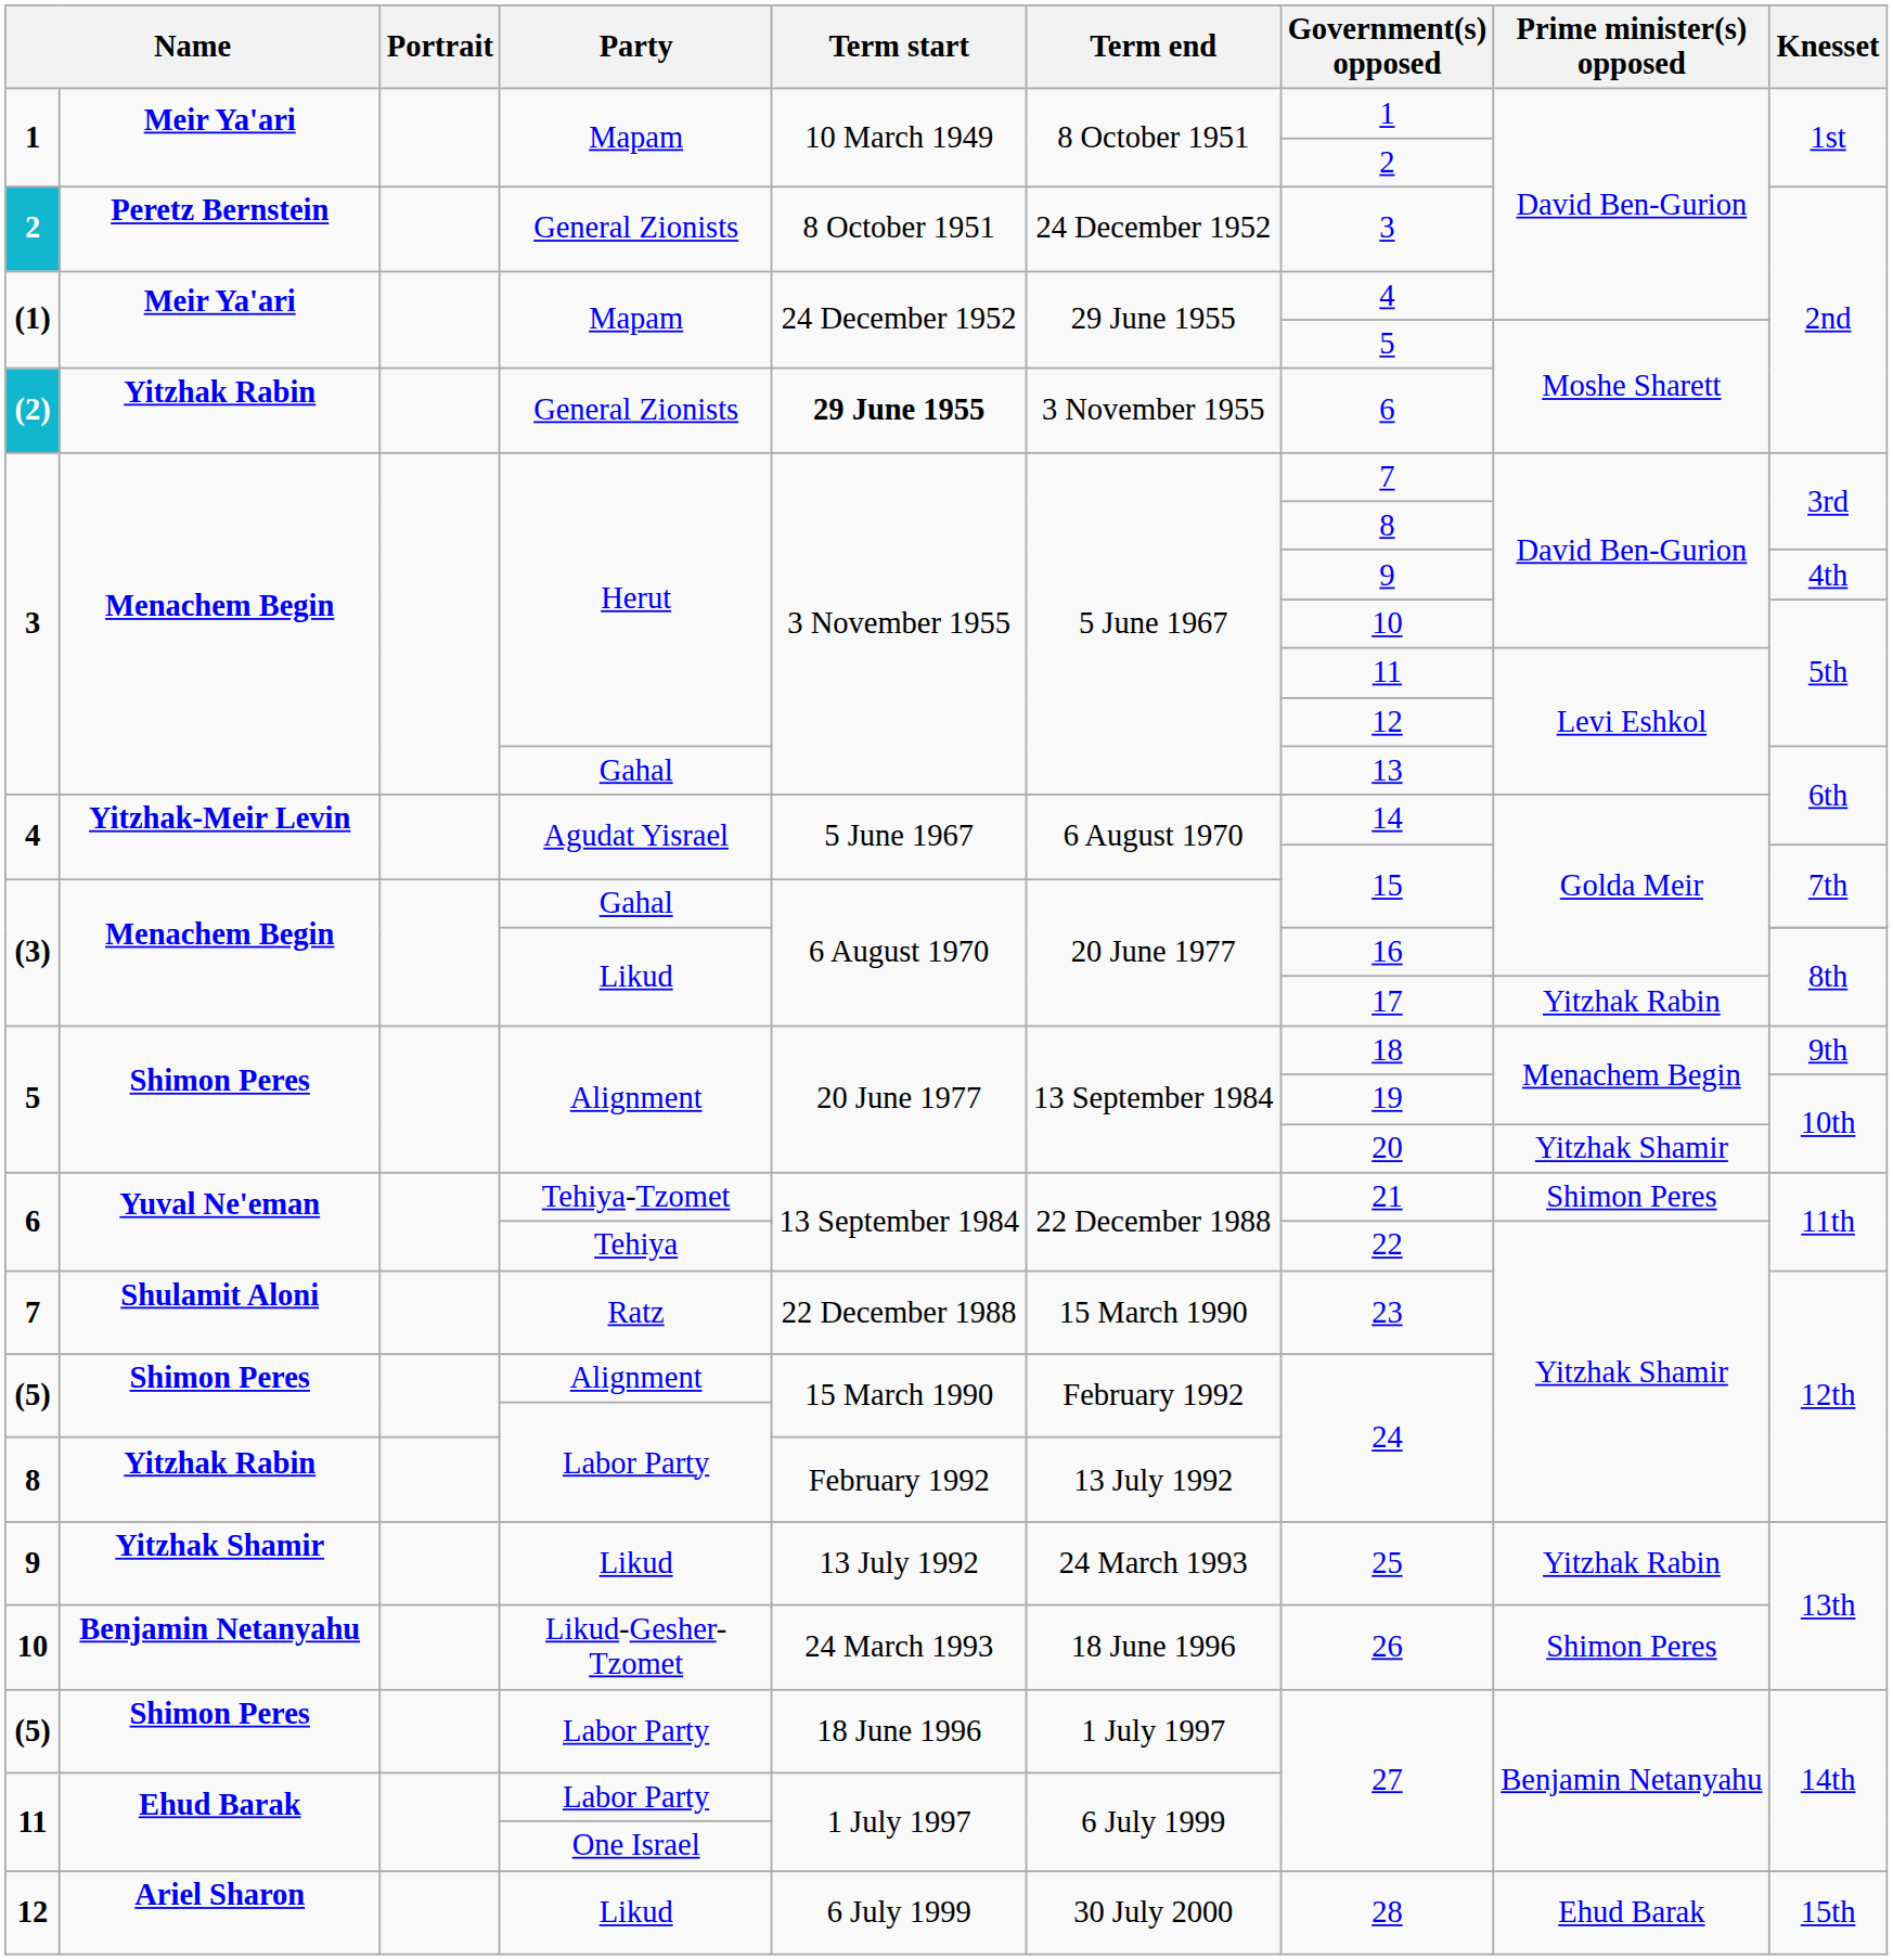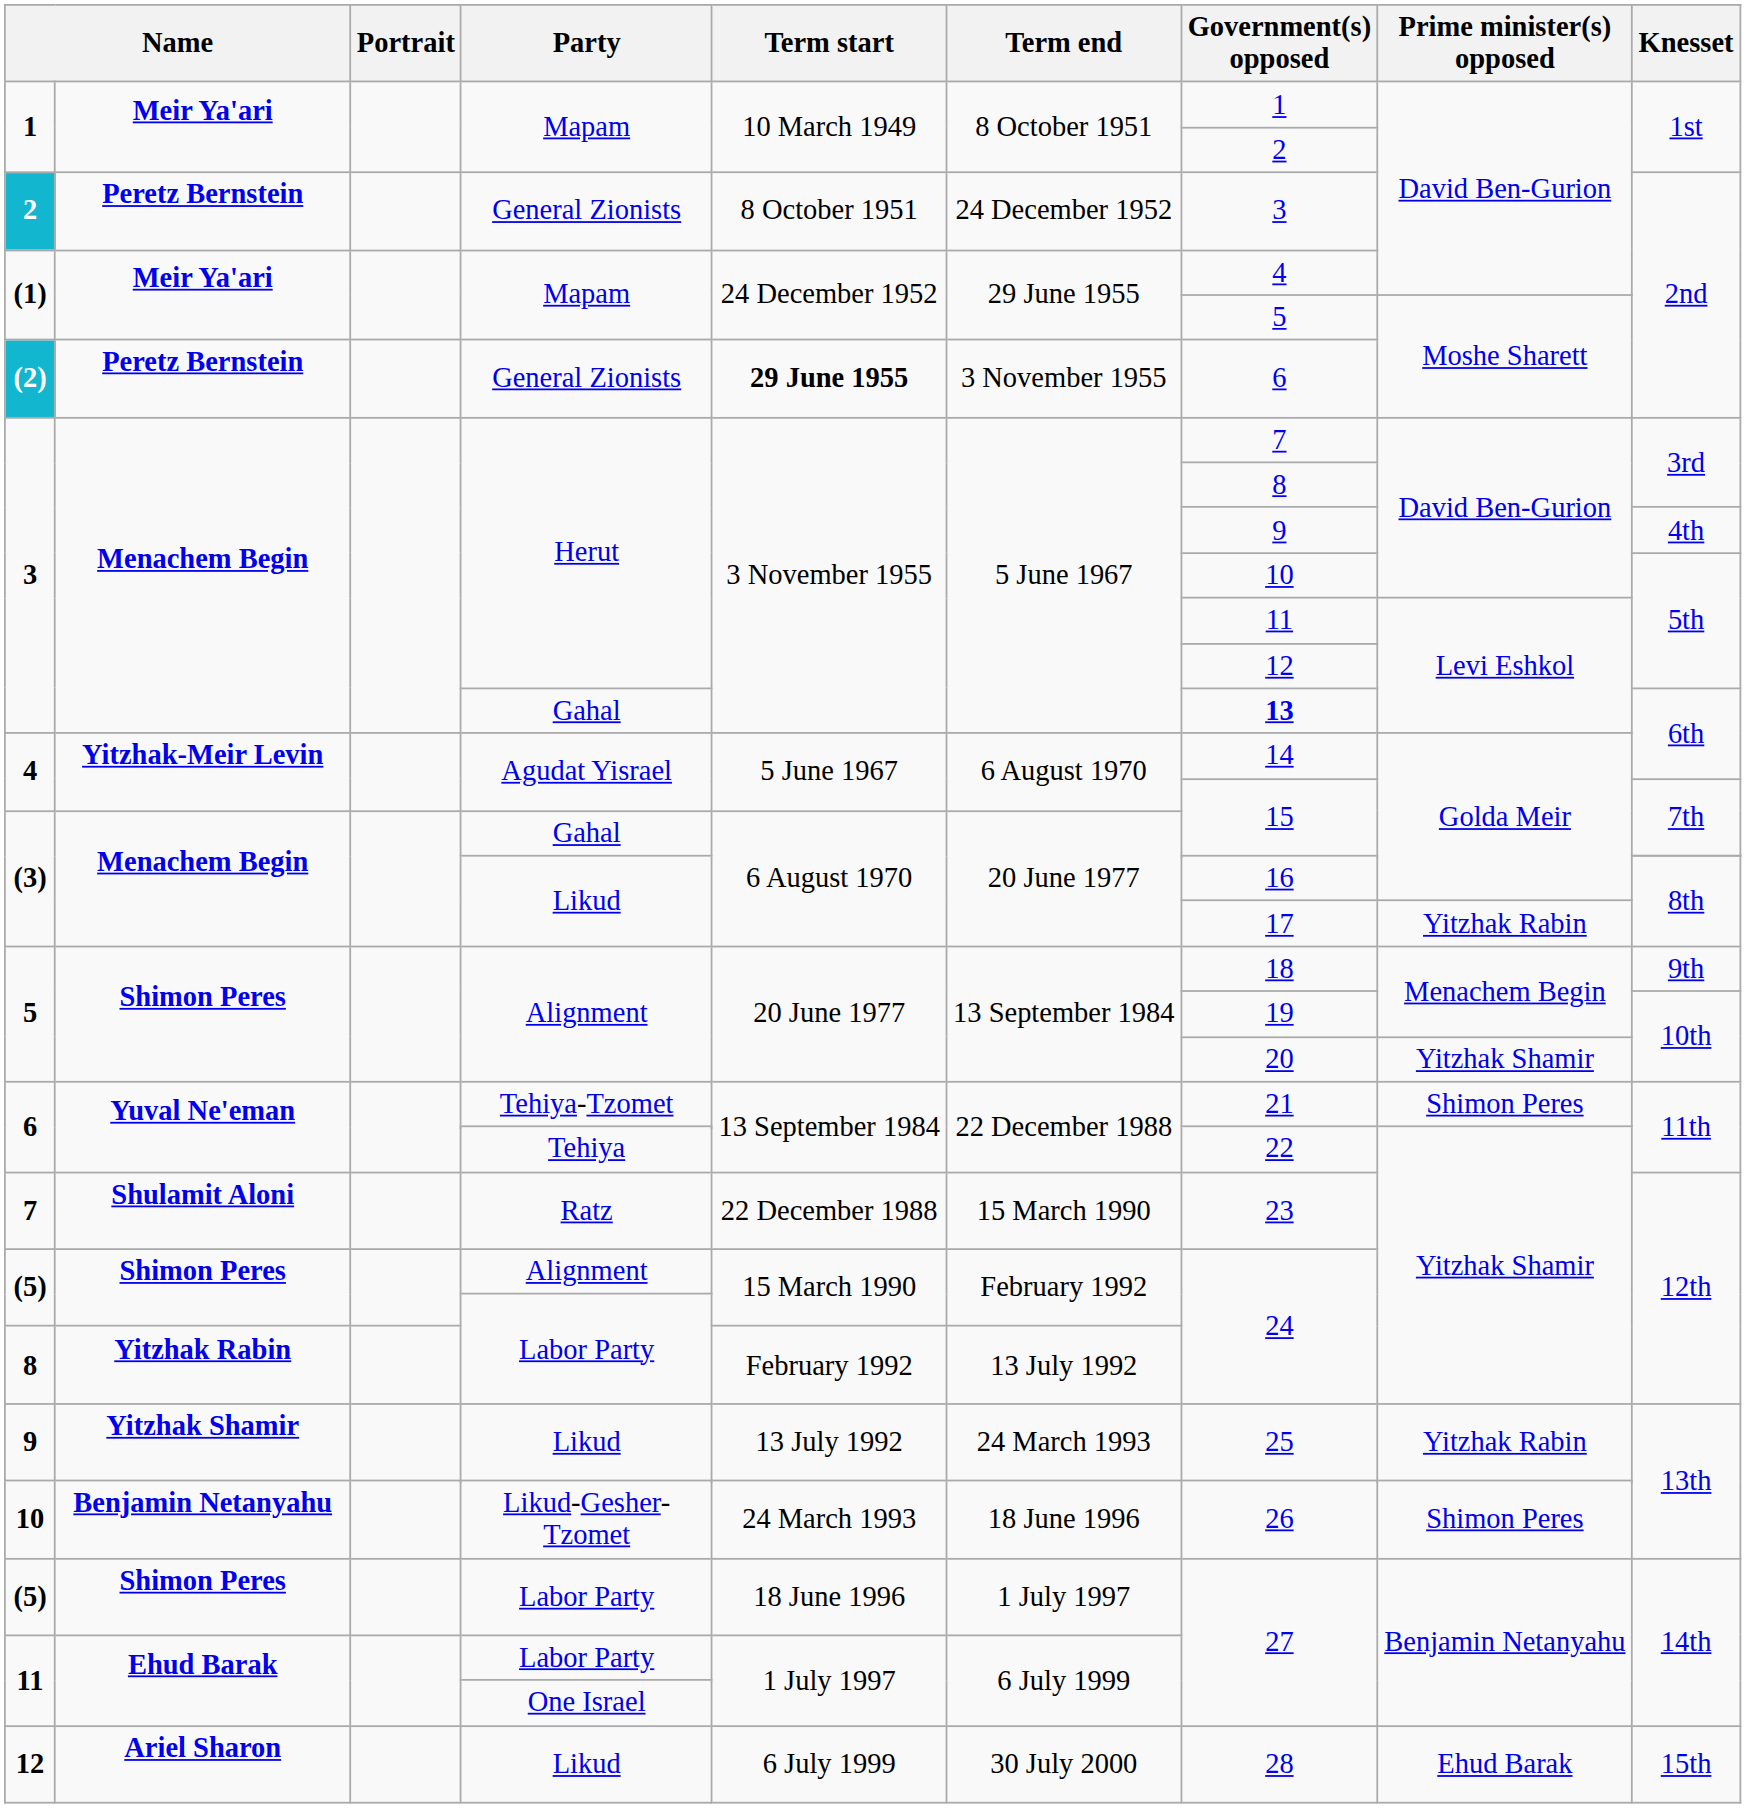 <table class=wikitable style=text-align:center>
 <tr>
 <th style="width: 140pt;" colspan=2>Name<br></th>
 <th>Portrait</th>
 <th style="width: 100pt;">Party</th>
 <th>Term start</th>
 <th>Term end</th>
 <th>Government(s)<br>opposed</th>
 <th>Prime minister(s)<br>opposed</th>
 <th>Knesset</th>
 </tr>
 <tr>
 <td rowspan=2 style="background:"><strong>1</strong></td>
 <td rowspan=2><strong><a href='#'>Meir Ya'ari</a></strong><br><br></td>
 <td rowspan="2"></td>
 <td rowspan=2><a href='#'>Mapam</a></td>
 <td rowspan=2 nowrap>10 March 1949</td>
 <td rowspan=2 nowrap>8 October 1951</td>
 <td><a href='#'>1</a></td>
 <td rowspan=4><a href='#'>David Ben-Gurion</a><br></td>
 <td rowspan=2><a href='#'>1st</a></td>
 </tr>
 <tr>
 <td><a href='#'>2</a></td>
 </tr>
 <tr>
 <td style="background:#12B6CF; color:white;"><strong>2</strong></td>
 <td><strong><a href='#'>Peretz Bernstein</a></strong><br><br></td>
 <td></td>
 <td><a href='#'>General Zionists</a></td>
 <td nowrap>8 October 1951</td>
 <td nowrap>24 December 1952</td>
 <td><a href='#'>3</a></td>
 <td rowspan=4><a href='#'>2nd</a></td>
 </tr>
 <tr>
 <td rowspan=2 style="background:"><strong>(1)</strong></td>
 <td rowspan=2><strong><a href='#'>Meir Ya'ari</a></strong><br><br></td>
 <td rowspan=2></td>
 <td rowspan=2><a href='#'>Mapam</a></td>
 <td rowspan=2 nowrap>24 December 1952</td>
 <td rowspan=2 nowrap>29 June 1955</td>
 <td><a href='#'>4</a></td>
 </tr>
 <tr>
 <td><a href='#'>5</a></td>
 <td rowspan=2><a href='#'>Moshe Sharett</a><br></td>
 </tr>
 <tr>
 <td style="background:#12B6CF; color:white;"><strong>(2)</strong></td>
-<td><strong><a href='#'>Yitzhak Rabin</a></strong><br><br></td>
+<td><strong><a href='#'>Peretz Bernstein</a></strong><br><br></td>
 <td></td>
 <td><a href='#'>General Zionists</a></td>
 <td nowrap><strong>29 June 1955</strong></td>
 <td nowrap>3 November 1955</td>
 <td><a href='#'>6</a></td>
 </tr>
 <tr>
 <td rowspan=7 style="background:"><strong>3</strong></td>
 <td rowspan=7><strong><a href='#'>Menachem Begin</a></strong><br><br></td>
 <td rowspan=7></td>
 <td rowspan=6><a href='#'>Herut</a></td>
 <td rowspan=7 nowrap>3 November 1955</td>
 <td rowspan=7 nowrap>5 June 1967</td>
 <td><a href='#'>7</a></td>
 <td rowspan=4><a href='#'>David Ben-Gurion</a><br></td>
 <td rowspan=2><a href='#'>3rd</a></td>
 </tr>
 <tr>
 <td><a href='#'>8</a></td>
 </tr>
 <tr>
 <td><a href='#'>9</a></td>
 <td><a href='#'>4th</a></td>
 </tr>
 <tr>
 <td><a href='#'>10</a></td>
 <td rowspan=3><a href='#'>5th</a></td>
 </tr>
 <tr>
 <td><a href='#'>11</a></td>
 <td rowspan=3><a href='#'>Levi Eshkol</a><br></td>
 </tr>
 <tr>
 <td><a href='#'>12</a></td>
 </tr>
 <tr>
 <td><a href='#'>Gahal</a><br></td>
-<td><a href='#'>13</a></td>
+<td><strong><a href='#'>13</a></strong></td>
 <td rowspan=2><a href='#'>6th</a></td>
 </tr>
 <tr>
 <td rowspan=2 style="background:"><strong>4</strong></td>
 <td rowspan=2><strong><a href='#'>Yitzhak-Meir Levin</a></strong><br><br></td>
 <td rowspan=2></td>
 <td rowspan=2><a href='#'>Agudat Yisrael</a></td>
 <td rowspan=2 nowrap>5 June 1967</td>
 <td rowspan=2 nowrap>6 August 1970</td>
 <td><a href='#'>14</a></td>
 <td rowspan=5><a href='#'>Golda Meir</a><br></td>
 </tr>
 <tr>
 <td rowspan=3><a href='#'>15</a></td>
 <td rowspan=2><a href='#'>7th</a></td>
 </tr>
 <tr>
 <td rowspan=4 style="background:"><strong>(3)</strong></td>
 <td rowspan=4><strong><a href='#'>Menachem Begin</a></strong><br><br></td>
 <td rowspan=4></td>
 <td><a href='#'>Gahal</a><br></td>
 <td rowspan=4 nowrap>6 August 1970</td>
 <td rowspan=4 nowrap>20 June 1977</td>
 </tr>
 <tr>
 <td rowspan=3><a href='#'>Likud</a><br></td>
 </tr>
 <tr>
 <td><a href='#'>16</a></td>
 <td rowspan=2><a href='#'>8th</a></td>
 </tr>
 <tr>
 <td><a href='#'>17</a></td>
 <td><a href='#'>Yitzhak Rabin</a><br></td>
 </tr>
 <tr>
 <td rowspan=3 style="background:"><strong>5</strong></td>
 <td rowspan=3><strong><a href='#'>Shimon Peres</a></strong><br><br></td>
 <td rowspan=3></td>
 <td rowspan=3><a href='#'>Alignment</a><br></td>
 <td rowspan=3 nowrap>20 June 1977</td>
 <td rowspan=3 nowrap>13 September 1984</td>
 <td><a href='#'>18</a></td>
 <td rowspan=2><a href='#'>Menachem Begin</a><br></td>
 <td><a href='#'>9th</a></td>
 </tr>
 <tr>
 <td><a href='#'>19</a></td>
 <td rowspan=2><a href='#'>10th</a></td>
 </tr>
 <tr>
 <td><a href='#'>20</a></td>
 <td><a href='#'>Yitzhak Shamir</a><br></td>
 </tr>
 <tr>
 <td rowspan=3 style="background:"><strong>6</strong></td>
 <td rowspan=3><strong><a href='#'>Yuval Ne'eman</a></strong><br><br></td>
 <td rowspan=3></td>
 <td rowspan=2><a href='#'>Tehiya</a>-<a href='#'>Tzomet</a><br></td>
 <td rowspan=3 nowrap>13 September 1984</td>
 <td rowspan=3 nowrap>22 December 1988</td>
 <td><a href='#'>21</a></td>
 <td><a href='#'>Shimon Peres</a><br></td>
 <td rowspan=3><a href='#'>11th</a></td>
 </tr>
 <tr>
 <td rowspan=2><a href='#'>22</a></td>
 <td rowspan=6><a href='#'>Yitzhak Shamir</a><br></td>
 </tr>
 <tr>
 <td><a href='#'>Tehiya</a></td>
 </tr>
 <tr>
 <td style="background:"><strong>7</strong></td>
 <td><strong><a href='#'>Shulamit Aloni</a></strong><br><br></td>
 <td></td>
 <td><a href='#'>Ratz</a></td>
 <td nowrap>22 December 1988</td>
 <td nowrap>15 March 1990</td>
 <td><a href='#'>23</a></td>
 <td rowspan=4><a href='#'>12th</a></td>
 </tr>
 <tr>
 <td rowspan=2 style="background:"><strong>(5)</strong></td>
 <td rowspan=2><strong><a href='#'>Shimon Peres</a></strong><br><br></td>
 <td rowspan=2></td>
 <td><a href='#'>Alignment</a><br></td>
 <td rowspan=2 nowrap>15 March 1990</td>
 <td rowspan=2 nowrap>February 1992</td>
 <td rowspan=3><a href='#'>24</a></td>
 </tr>
 <tr>
 <td rowspan=2><a href='#'>Labor Party</a></td>
 </tr>
 <tr>
 <td style="background:"><strong>8</strong></td>
 <td><strong><a href='#'>Yitzhak Rabin</a></strong><br><br></td>
 <td></td>
 <td nowrap>February 1992</td>
 <td nowrap>13 July 1992</td>
 </tr>
 <tr>
 <td style="background:"><strong>9</strong></td>
 <td><strong><a href='#'>Yitzhak Shamir</a></strong><br><br></td>
 <td></td>
 <td rowspan=3><a href='#'>Likud</a></td>
 <td nowrap>13 July 1992</td>
 <td nowrap>24 March 1993</td>
 <td rowspan=2><a href='#'>25</a></td>
 <td rowspan=2><a href='#'>Yitzhak Rabin</a><br></td>
 <td rowspan=4><a href='#'>13th</a></td>
 </tr>
 <tr>
 <td rowspan=3 style="background:"><strong>10</strong></td>
 <td rowspan=3><strong><a href='#'>Benjamin Netanyahu</a></strong><br><br></td>
 <td rowspan=3></td>
 <td rowspan=3 nowrap>24 March 1993</td>
 <td rowspan=3 nowrap>18 June 1996</td>
 </tr>
 <tr>
 <td rowspan=2><a href='#'>26</a></td>
 <td rowspan=2><a href='#'>Shimon Peres</a><br></td>
 </tr>
 <tr>
 <td><a href='#'>Likud</a>-<a href='#'>Gesher</a>-<a href='#'>Tzomet</a><br></td>
 </tr>
 <tr>
 <td style="background:"><strong>(5)</strong></td>
 <td><strong><a href='#'>Shimon Peres</a></strong><br><br></td>
 <td></td>
 <td><a href='#'>Labor Party</a></td>
 <td nowrap>18 June 1996</td>
 <td nowrap>1 July 1997</td>
 <td rowspan=3><a href='#'>27</a></td>
 <td rowspan=3><a href='#'>Benjamin Netanyahu</a><br></td>
 <td rowspan=3><a href='#'>14th</a></td>
 </tr>
 <tr>
 <td rowspan=2 style="background:"><strong>11</strong></td>
 <td rowspan=2><strong><a href='#'>Ehud Barak</a></strong><br><br></td>
 <td rowspan=2></td>
 <td><a href='#'>Labor Party</a></td>
 <td rowspan=2 nowrap>1 July 1997</td>
 <td rowspan=2 nowrap>6 July 1999</td>
 </tr>
 <tr>
 <td><a href='#'>One Israel</a><br></td>
 </tr>
 <tr>
 <td style="background:"><strong>12</strong></td>
 <td><strong><a href='#'>Ariel Sharon</a></strong><br><br></td>
 <td></td>
 <td><a href='#'>Likud</a></td>
 <td nowrap>6 July 1999</td>
 <td nowrap>30 July 2000</td>
 <td><a href='#'>28</a></td>
 <td><a href='#'>Ehud Barak</a><br></td>
 <td><a href='#'>15th</a></td>
 </tr>
 </table>
